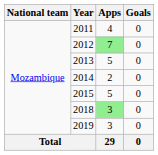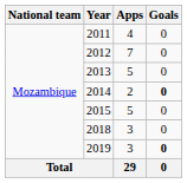 <table class="wikitable" style="text-align:center">
 <tr>
 <th>National team</th>
 <th>Year</th>
 <th>Apps</th>
 <th>Goals</th>
 </tr>
 <tr>
 <td rowspan="7"><a href='#'>Mozambique</a></td>
 <td>2011</td>
 <td>4</td>
 <td>0</td>
 </tr>
 <tr>
 <td>2012</td>
-<td style="background: lightgreen;">7</td>
+<td>7</td>
 <td>0</td>
 </tr>
 <tr>
 <td>2013</td>
 <td>5</td>
 <td>0</td>
 </tr>
 <tr>
 <td>2014</td>
 <td>2</td>
-<td>0</td>
+<td><strong>0</strong></td>
 </tr>
 <tr>
 <td>2015</td>
 <td>5</td>
 <td>0</td>
 </tr>
 <tr>
 <td>2018</td>
-<td style="background: lightgreen;">3</td>
+<td>3</td>
 <td>0</td>
 </tr>
 <tr>
 <td>2019</td>
 <td>3</td>
-<td>0</td>
+<td><strong>0</strong></td>
 </tr>
 <tr>
 <th colspan=2>Total</th>
 <th>29</th>
 <th>0</th>
 </tr>
 </table>
